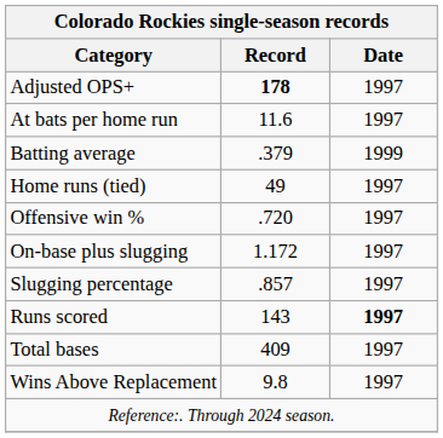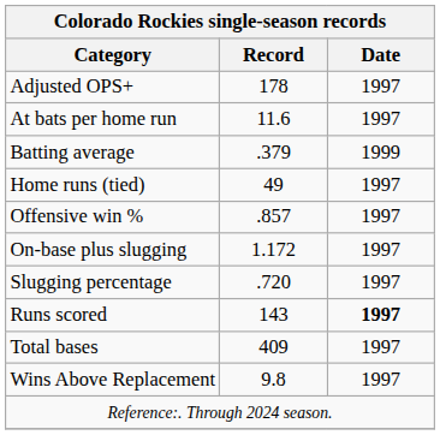 <table class="wikitable" style=font-size:90%>
 <tr>
 <th colspan=3;>Colorado Rockies single-season records</th>
 </tr>
 <tr>
 <th scope="col" width=50%;>Category</th>
 <th scope="col" width=25%;>Record</th>
 <th scope="col" width=25%;>Date</th>
 </tr>
 <tr>
 <td>Adjusted OPS+</td>
-<td align="center"><strong>178</strong></td>
+<td align="center">178</td>
 <td align="center">1997</td>
 </tr>
 <tr>
 <td>At bats per home run</td>
 <td align="center">11.6</td>
 <td align="center">1997</td>
 </tr>
 <tr>
 <td>Batting average</td>
 <td align="center">.379</td>
 <td align="center">1999</td>
 </tr>
 <tr>
 <td>Home runs (tied)</td>
 <td align="center">49</td>
 <td align="center">1997</td>
 </tr>
 <tr>
 <td>Offensive win %</td>
-<td align="center">.720</td>
+<td align="center">.857</td>
 <td align="center">1997</td>
 </tr>
 <tr>
 <td>On-base plus slugging</td>
 <td align="center">1.172</td>
 <td align="center">1997</td>
 </tr>
 <tr>
 <td>Slugging percentage</td>
-<td align="center">.857</td>
+<td align="center">.720</td>
 <td align="center">1997</td>
 </tr>
 <tr>
 <td>Runs scored</td>
 <td align="center">143</td>
 <td align="center"><strong>1997</strong></td>
 </tr>
 <tr>
 <td>Total bases</td>
 <td align="center">409</td>
 <td align="center">1997</td>
 </tr>
 <tr font-size:90%>
 <td>Wins Above Replacement</td>
 <td align="center">9.8</td>
 <td align="center">1997</td>
 </tr>
 <tr>
 <td colspan=3; align="center"><small><em>Reference:. Through 2024 season.</em></small></td>
 </tr>
 <tr>
 </tr>
 </table>
